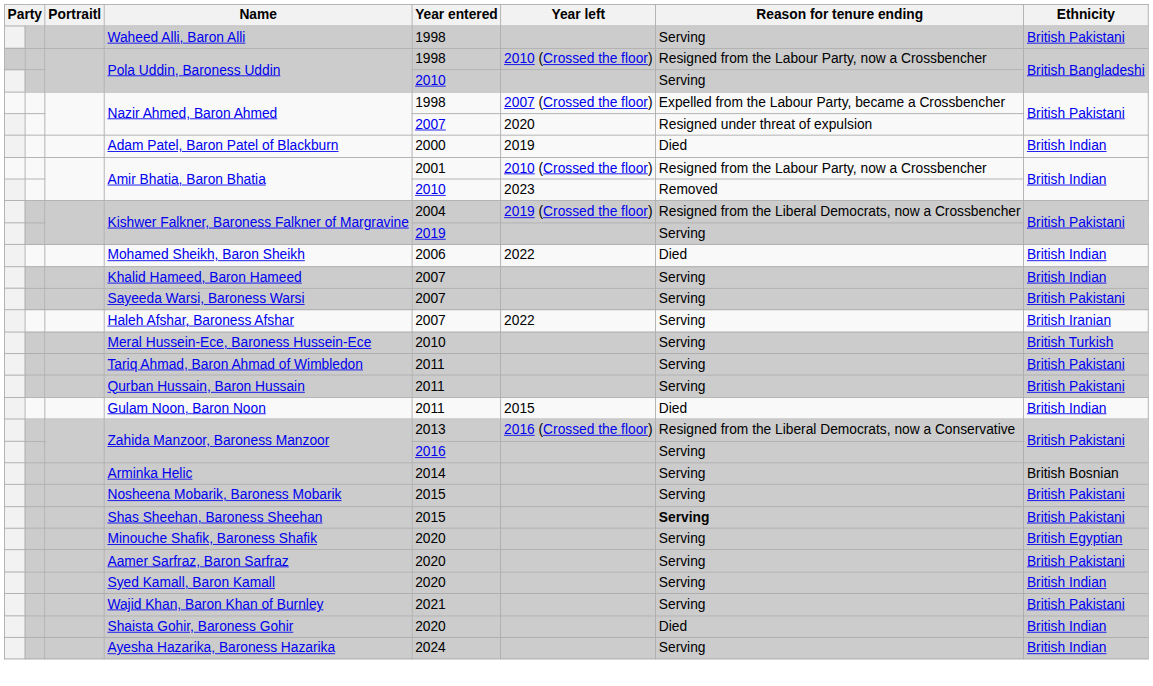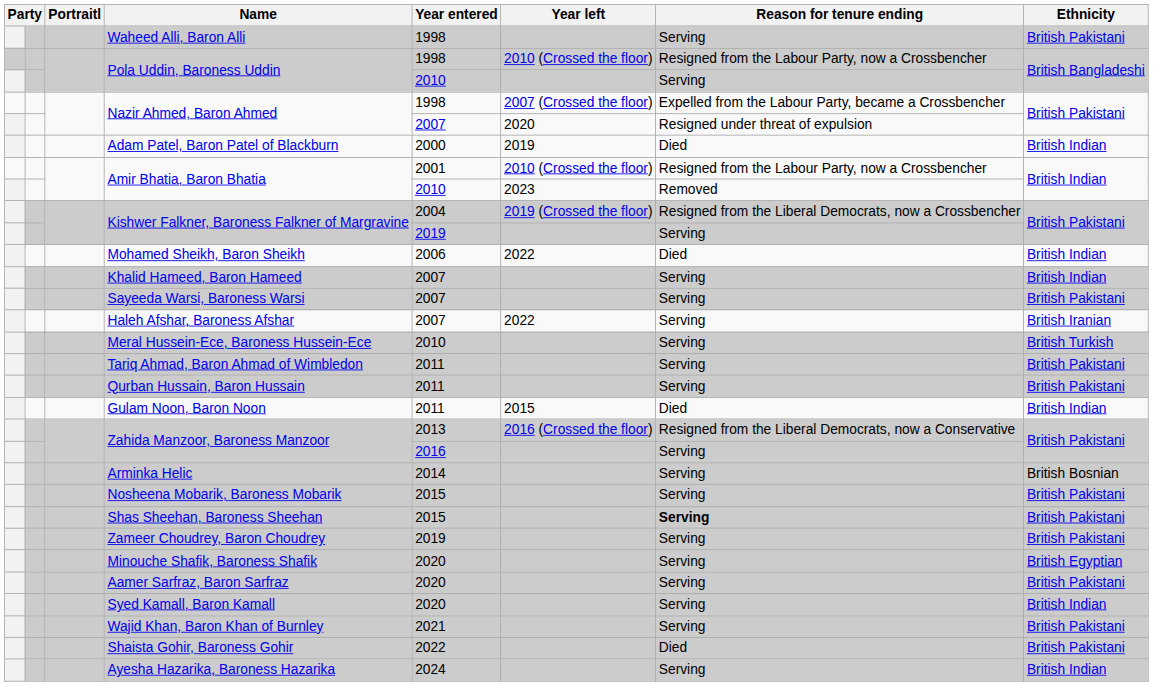 <table class="wikitable sortable">
 <tr>
 <th colspan=2>Party</th>
 <th>Portraitl</th>
 <th>Name</th>
 <th>Year entered</th>
 <th>Year left</th>
 <th>Reason for tenure ending</th>
 <th>Ethnicity</th>
 </tr>
 <tr style="background:#ccc;">
 <th style="background-color: "></th>
 <td></td>
 <td></td>
 <td><a href='#'>Waheed Alli, Baron Alli</a></td>
 <td>1998</td>
 <td></td>
 <td>Serving</td>
 <td><a href='#'>British Pakistani</a></td>
 </tr>
 <tr style="background:#ccc;">
 <td style="background-color: "></td>
 <td></td>
 <td rowspan="2"></td>
 <td rowspan="2"><a href='#'>Pola Uddin, Baroness Uddin</a></td>
 <td>1998</td>
 <td><a href='#'>2010</a> (<a href='#'>Crossed the floor</a>)</td>
 <td>Resigned from the Labour Party, now a Crossbencher</td>
 <td rowspan=2><a href='#'>British Bangladeshi</a></td>
 </tr>
 <tr style="background:#ccc;">
 <th style="background-color: "></th>
 <td></td>
 <td><a href='#'>2010</a></td>
 <td></td>
 <td>Serving</td>
 </tr>
 <tr>
 <td style="background-color: "></td>
 <td></td>
 <td rowspan="2"></td>
 <td rowspan="2"><a href='#'>Nazir Ahmed, Baron Ahmed</a></td>
 <td>1998</td>
 <td><a href='#'>2007</a> (<a href='#'>Crossed the floor</a>)</td>
 <td>Expelled from the Labour Party, became a Crossbencher</td>
 <td rowspan=2><a href='#'>British Pakistani</a></td>
 </tr>
 <tr>
 <th style="background-color: "></th>
 <td></td>
 <td><a href='#'>2007</a></td>
 <td>2020</td>
 <td>Resigned under threat of expulsion</td>
 </tr>
 <tr>
 <th style="background-color: "></th>
 <td></td>
 <td></td>
 <td><a href='#'>Adam Patel, Baron Patel of Blackburn</a></td>
 <td>2000</td>
 <td>2019</td>
 <td>Died</td>
 <td><a href='#'>British Indian</a></td>
 </tr>
 <tr>
 <td style="background-color: "></td>
 <td></td>
 <td rowspan="2"></td>
 <td rowspan="2"><a href='#'>Amir Bhatia, Baron Bhatia</a></td>
 <td>2001</td>
 <td><a href='#'>2010</a> (<a href='#'>Crossed the floor</a>)</td>
 <td>Resigned from the Labour Party, now a Crossbencher</td>
 <td rowspan=2><a href='#'>British Indian</a></td>
 </tr>
 <tr>
 <th style="background-color: "></th>
 <td></td>
 <td><a href='#'>2010</a></td>
 <td>2023</td>
 <td>Removed</td>
 </tr>
 <tr style="background:#ccc;">
 <th style="background-color: "></th>
 <td></td>
 <td rowspan="2"></td>
 <td rowspan="2"><a href='#'>Kishwer Falkner, Baroness Falkner of Margravine</a></td>
 <td>2004</td>
 <td><a href='#'>2019</a> (<a href='#'>Crossed the floor</a>)</td>
 <td>Resigned from the Liberal Democrats, now a Crossbencher</td>
 <td rowspan=2><a href='#'>British Pakistani</a></td>
 </tr>
 <tr style="background:#ccc;">
 <th style="background-color: "></th>
 <td></td>
 <td><a href='#'>2019</a></td>
 <td></td>
 <td>Serving</td>
 </tr>
 <tr>
 <th style="background-color: "></th>
 <td></td>
 <td></td>
 <td><a href='#'>Mohamed Sheikh, Baron Sheikh</a></td>
 <td>2006</td>
 <td>2022</td>
 <td>Died</td>
 <td><a href='#'>British Indian</a></td>
 </tr>
 <tr style="background:#ccc;">
 <th style="background-color: "></th>
 <td></td>
 <td></td>
 <td><a href='#'>Khalid Hameed, Baron Hameed</a></td>
 <td>2007</td>
 <td></td>
 <td>Serving</td>
 <td><a href='#'>British Indian</a></td>
 </tr>
 <tr style="background:#ccc;">
 <th style="background-color: "></th>
 <td></td>
 <td></td>
 <td><a href='#'>Sayeeda Warsi, Baroness Warsi</a></td>
 <td>2007</td>
 <td></td>
 <td>Serving</td>
 <td><a href='#'>British Pakistani</a></td>
 </tr>
 <tr>
 <th style="background-color: "></th>
 <td></td>
 <td></td>
 <td><a href='#'>Haleh Afshar, Baroness Afshar</a></td>
 <td>2007</td>
 <td>2022</td>
 <td>Serving</td>
 <td><a href='#'>British Iranian</a></td>
 </tr>
 <tr style="background:#ccc;">
 <th style="background-color: "></th>
 <td></td>
 <td></td>
 <td><a href='#'>Meral Hussein-Ece, Baroness Hussein-Ece</a></td>
 <td>2010</td>
 <td></td>
 <td>Serving</td>
 <td><a href='#'>British Turkish</a></td>
 </tr>
 <tr style="background:#ccc;">
 <th style="background-color: "></th>
 <td></td>
 <td></td>
 <td><a href='#'>Tariq Ahmad, Baron Ahmad of Wimbledon</a></td>
 <td>2011</td>
 <td></td>
 <td>Serving</td>
 <td><a href='#'>British Pakistani</a></td>
 </tr>
 <tr style="background:#ccc;">
 <th style="background-color: "></th>
 <td></td>
 <td></td>
 <td><a href='#'>Qurban Hussain, Baron Hussain</a></td>
 <td>2011</td>
 <td></td>
 <td>Serving</td>
 <td><a href='#'>British Pakistani</a></td>
 </tr>
 <tr>
 <th style="background-color: "></th>
 <td></td>
 <td></td>
 <td><a href='#'>Gulam Noon, Baron Noon</a></td>
 <td>2011</td>
 <td>2015</td>
 <td>Died</td>
 <td><a href='#'>British Indian</a></td>
 </tr>
 <tr style="background:#ccc;">
 <th style="background-color: "></th>
 <td></td>
 <td rowspan="2"></td>
 <td rowspan="2"><a href='#'>Zahida Manzoor, Baroness Manzoor</a></td>
 <td>2013</td>
 <td><a href='#'>2016</a> (<a href='#'>Crossed the floor</a>)</td>
 <td>Resigned from the Liberal Democrats, now a Conservative</td>
 <td rowspan=2><a href='#'>British Pakistani</a></td>
 </tr>
 <tr style="background:#ccc;">
 <th style="background-color: "></th>
 <td></td>
 <td><a href='#'>2016</a></td>
 <td></td>
 <td>Serving</td>
 </tr>
 <tr style="background:#ccc;">
 <th style="background-color: "></th>
 <td></td>
 <td></td>
 <td><a href='#'>Arminka Helic</a></td>
 <td>2014</td>
 <td></td>
 <td>Serving</td>
 <td>British Bosnian</td>
 </tr>
 <tr style="background:#ccc;">
 <th style="background-color: "></th>
 <td></td>
 <td></td>
 <td><a href='#'>Nosheena Mobarik, Baroness Mobarik</a></td>
 <td>2015</td>
 <td></td>
 <td>Serving</td>
 <td><a href='#'>British Pakistani</a></td>
 </tr>
 <tr style="background:#ccc;">
 <th style="background-color: "></th>
 <td></td>
 <td></td>
 <td><a href='#'>Shas Sheehan, Baroness Sheehan</a></td>
 <td>2015</td>
 <td></td>
 <td><strong>Serving</strong></td>
 <td><a href='#'>British Pakistani</a></td>
 </tr>
 <tr style="background:#ccc;">
 <th style="background-color: "></th>
 <td></td>
 <td></td>
+<td><a href='#'>Zameer Choudrey, Baron Choudrey</a></td>
+<td>2019</td>
+<td></td>
+<td>Serving</td>
+<td><a href='#'>British Pakistani</a></td>
+</tr>
+<tr style="background:#ccc;">
+<th style="background-color: "></th>
+<td></td>
+<td></td>
 <td><a href='#'>Minouche Shafik, Baroness Shafik</a></td>
 <td>2020</td>
 <td></td>
 <td>Serving</td>
 <td><a href='#'>British Egyptian</a></td>
 </tr>
 <tr style="background:#ccc;">
 <th style="background-color: "></th>
 <td></td>
 <td></td>
 <td><a href='#'>Aamer Sarfraz, Baron Sarfraz</a></td>
 <td>2020</td>
 <td></td>
 <td>Serving</td>
 <td><a href='#'>British Pakistani</a></td>
 </tr>
 <tr style="background:#ccc;">
 <th style="background-color: "></th>
 <td></td>
 <td></td>
 <td><a href='#'>Syed Kamall, Baron Kamall</a></td>
 <td>2020</td>
 <td></td>
 <td>Serving</td>
 <td><a href='#'>British Indian</a></td>
 </tr>
 <tr style="background:#ccc;">
 <th style="background-color: "></th>
 <td></td>
 <td></td>
 <td><a href='#'>Wajid Khan, Baron Khan of Burnley</a></td>
 <td>2021</td>
 <td></td>
 <td>Serving</td>
 <td><a href='#'>British Pakistani</a></td>
 </tr>
 <tr style="background:#ccc;">
 <th style="background-color: "></th>
 <td></td>
 <td></td>
 <td><a href='#'>Shaista Gohir, Baroness Gohir</a></td>
-<td>2020</td>
+<td>2022</td>
 <td></td>
 <td>Died</td>
-<td><a href='#'>British Indian</a></td>
+<td><a href='#'>British Pakistani</a></td>
 </tr>
 <tr style="background:#ccc;">
 <th style="background-color: "></th>
 <td></td>
 <td></td>
 <td><a href='#'>Ayesha Hazarika, Baroness Hazarika</a></td>
 <td>2024</td>
 <td></td>
 <td>Serving</td>
 <td><a href='#'>British Indian</a></td>
 </tr>
 </table>
